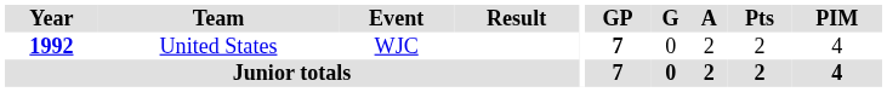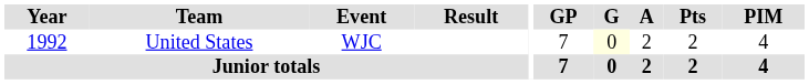 <table border="0" cellpadding="1" cellspacing="0" ID="Table3" style="text-align:center; width:40em">
 <tr ALIGN="center" bgcolor="#e0e0e0">
 <th>Year</th>
 <th>Team</th>
 <th>Event</th>
 <th>Result</th>
 <th rowspan="99" bgcolor="#ffffff"></th>
 <th>GP</th>
 <th>G</th>
 <th>A</th>
 <th>Pts</th>
 <th>PIM</th>
 </tr>
 <tr ALIGN="center">
-<td><strong><a href='#'>1992</a></strong></td>
+<td><a href='#'>1992</a></td>
 <td><a href='#'>United States</a></td>
 <td><a href='#'>WJC</a></td>
 <td></td>
-<td><strong>7</strong></td>
-<td>0</td>
+<td>7</td>
+<td style="background: lightyellow;">0</td>
 <td>2</td>
 <td>2</td>
 <td>4</td>
 </tr>
 <tr bgcolor="#e0e0e0">
 <th colspan="4">Junior totals</th>
 <th>7</th>
 <th>0</th>
 <th>2</th>
 <th>2</th>
 <th>4</th>
 </tr>
 </table>
